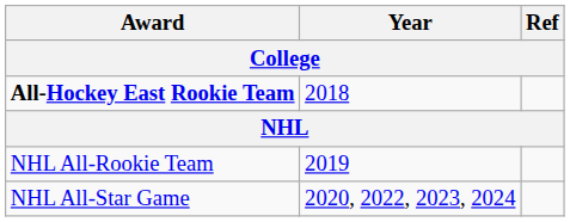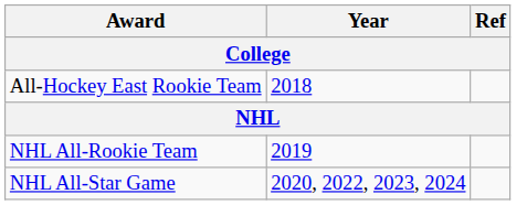 <table class="wikitable">
 <tr>
 <th>Award</th>
 <th>Year</th>
 <th>Ref</th>
 </tr>
 <tr>
 <th colspan="3"><a href='#'>College</a></th>
 </tr>
 <tr>
-<td><strong>All-<a href='#'>Hockey East</a> <a href='#'>Rookie Team</a></strong></td>
+<td>All-<a href='#'>Hockey East</a> <a href='#'>Rookie Team</a></td>
 <td><a href='#'>2018</a></td>
 <td></td>
 </tr>
 <tr>
 <th colspan="3"><a href='#'>NHL</a></th>
 </tr>
 <tr>
 <td><a href='#'>NHL All-Rookie Team</a></td>
 <td><a href='#'>2019</a></td>
 <td></td>
 </tr>
 <tr>
 <td><a href='#'>NHL All-Star Game</a></td>
 <td><a href='#'>2020</a>, <a href='#'>2022</a>,  <a href='#'>2023</a>, <a href='#'>2024</a></td>
 <td></td>
 </tr>
 </table>
